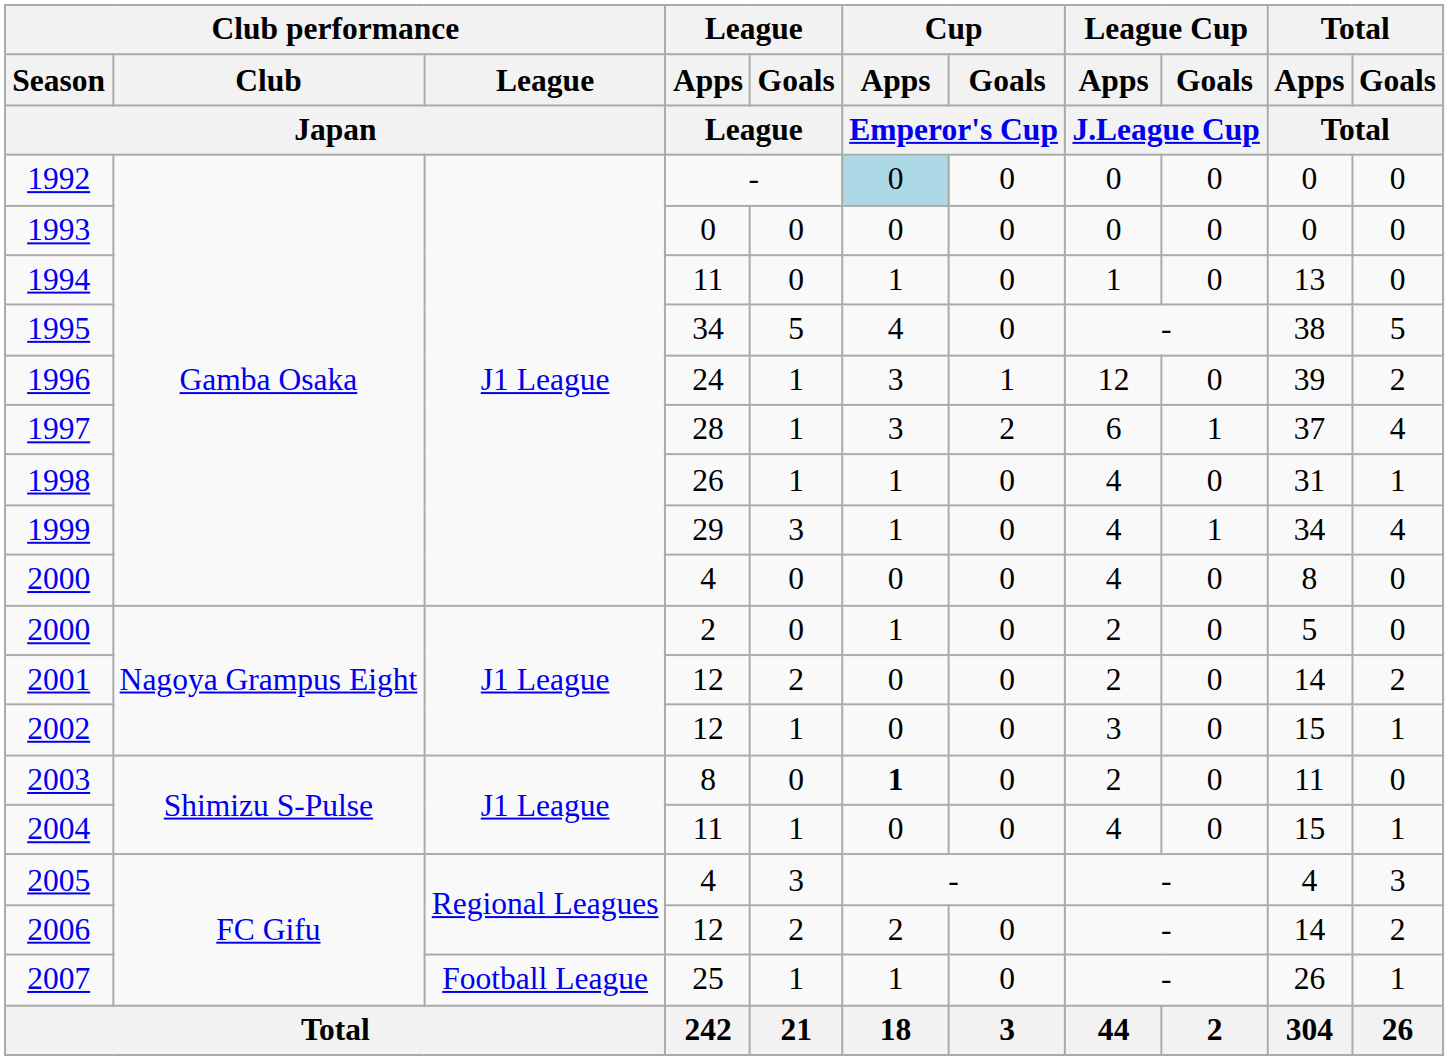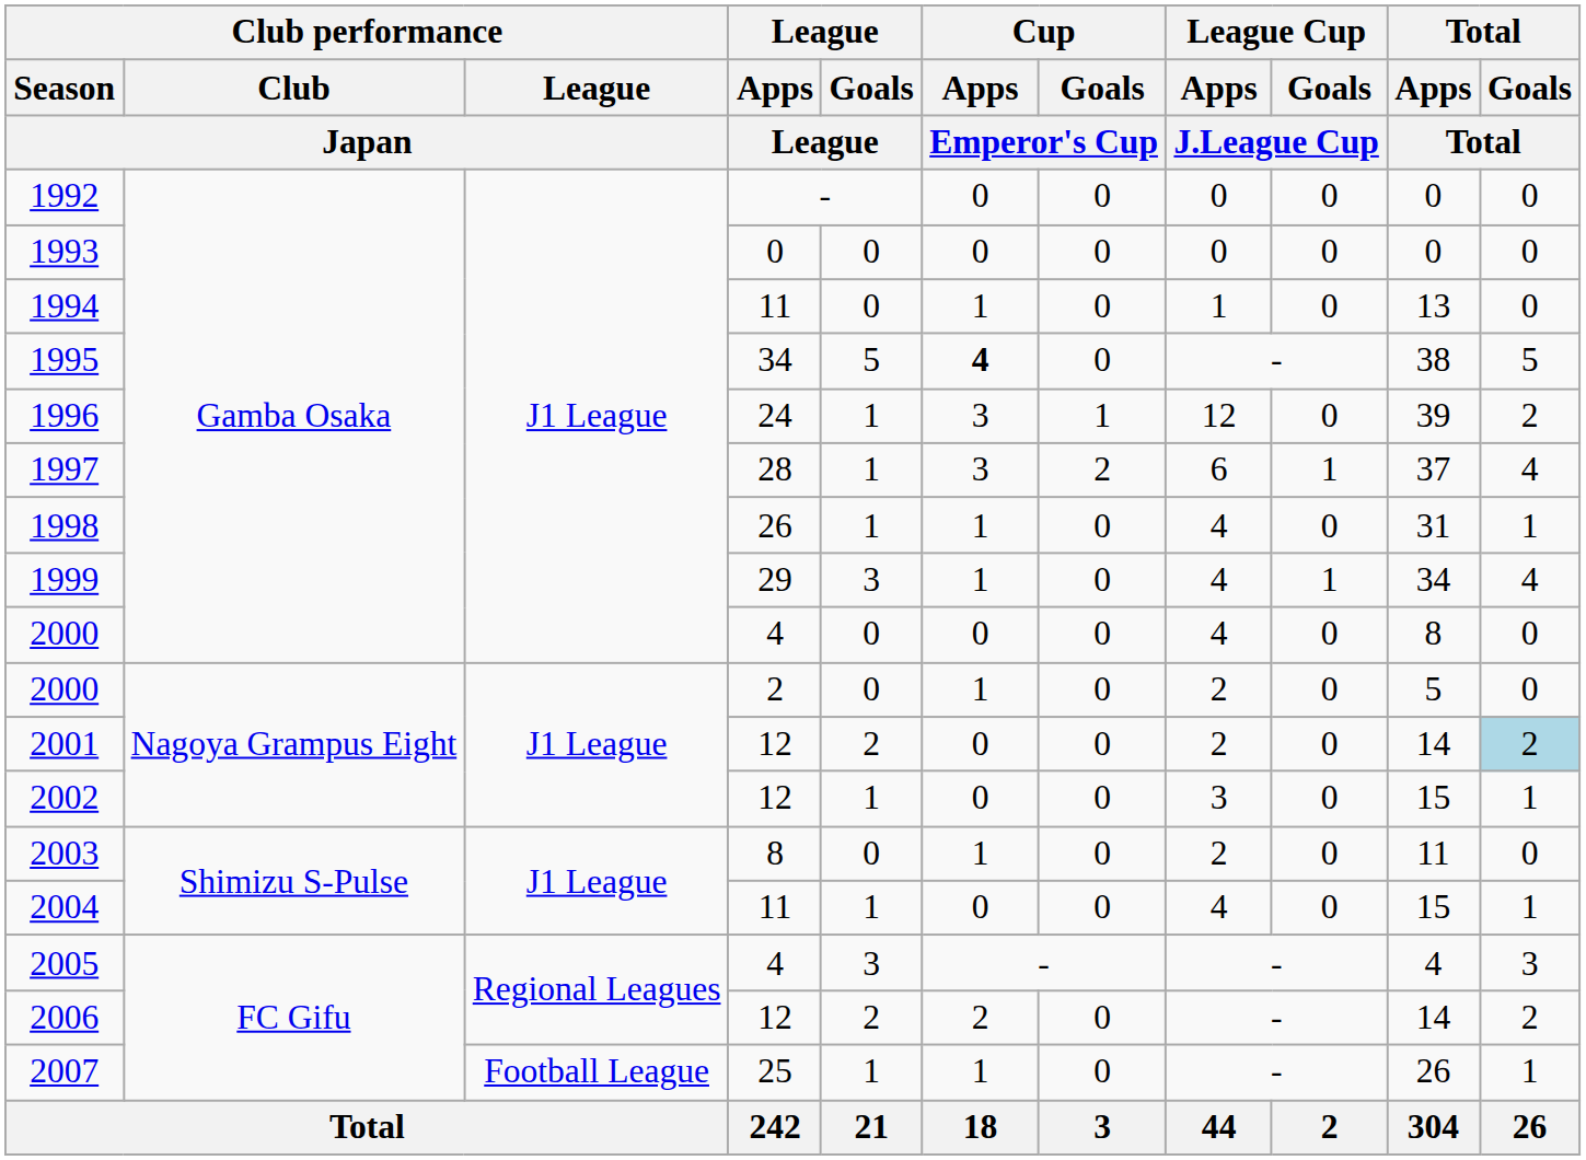 <table class="wikitable" style="text-align:center;">
 <tr>
 <th colspan=3>Club performance</th>
 <th colspan=2>League</th>
 <th colspan=2>Cup</th>
 <th colspan=2>League Cup</th>
 <th colspan=2>Total</th>
 </tr>
 <tr>
 <th>Season</th>
 <th>Club</th>
 <th>League</th>
 <th>Apps</th>
 <th>Goals</th>
 <th>Apps</th>
 <th>Goals</th>
 <th>Apps</th>
 <th>Goals</th>
 <th>Apps</th>
 <th>Goals</th>
 </tr>
 <tr>
 <th colspan=3>Japan</th>
 <th colspan=2>League</th>
 <th colspan=2><a href='#'>Emperor's Cup</a></th>
 <th colspan=2><a href='#'>J.League Cup</a></th>
 <th colspan=2>Total</th>
 </tr>
 <tr>
 <td><a href='#'>1992</a></td>
 <td rowspan="9"><a href='#'>Gamba Osaka</a></td>
 <td rowspan="9"><a href='#'>J1 League</a></td>
 <td colspan="2">-</td>
-<td style="background: lightblue;">0</td>
+<td>0</td>
 <td>0</td>
 <td>0</td>
 <td>0</td>
 <td>0</td>
 <td>0</td>
 </tr>
 <tr>
 <td><a href='#'>1993</a></td>
 <td>0</td>
 <td>0</td>
 <td>0</td>
 <td>0</td>
 <td>0</td>
 <td>0</td>
 <td>0</td>
 <td>0</td>
 </tr>
 <tr>
 <td><a href='#'>1994</a></td>
 <td>11</td>
 <td>0</td>
 <td>1</td>
 <td>0</td>
 <td>1</td>
 <td>0</td>
 <td>13</td>
 <td>0</td>
 </tr>
 <tr>
 <td><a href='#'>1995</a></td>
 <td>34</td>
 <td>5</td>
-<td>4</td>
+<td><strong>4</strong></td>
 <td>0</td>
 <td colspan="2">-</td>
 <td>38</td>
 <td>5</td>
 </tr>
 <tr>
 <td><a href='#'>1996</a></td>
 <td>24</td>
 <td>1</td>
 <td>3</td>
 <td>1</td>
 <td>12</td>
 <td>0</td>
 <td>39</td>
 <td>2</td>
 </tr>
 <tr>
 <td><a href='#'>1997</a></td>
 <td>28</td>
 <td>1</td>
 <td>3</td>
 <td>2</td>
 <td>6</td>
 <td>1</td>
 <td>37</td>
 <td>4</td>
 </tr>
 <tr>
 <td><a href='#'>1998</a></td>
 <td>26</td>
 <td>1</td>
 <td>1</td>
 <td>0</td>
 <td>4</td>
 <td>0</td>
 <td>31</td>
 <td>1</td>
 </tr>
 <tr>
 <td><a href='#'>1999</a></td>
 <td>29</td>
 <td>3</td>
 <td>1</td>
 <td>0</td>
 <td>4</td>
 <td>1</td>
 <td>34</td>
 <td>4</td>
 </tr>
 <tr>
 <td><a href='#'>2000</a></td>
 <td>4</td>
 <td>0</td>
 <td>0</td>
 <td>0</td>
 <td>4</td>
 <td>0</td>
 <td>8</td>
 <td>0</td>
 </tr>
 <tr>
 <td><a href='#'>2000</a></td>
 <td rowspan="3"><a href='#'>Nagoya Grampus Eight</a></td>
 <td rowspan="3"><a href='#'>J1 League</a></td>
 <td>2</td>
 <td>0</td>
 <td>1</td>
 <td>0</td>
 <td>2</td>
 <td>0</td>
 <td>5</td>
 <td>0</td>
 </tr>
 <tr>
 <td><a href='#'>2001</a></td>
 <td>12</td>
 <td>2</td>
 <td>0</td>
 <td>0</td>
 <td>2</td>
 <td>0</td>
 <td>14</td>
-<td>2</td>
+<td style="background: lightblue;">2</td>
 </tr>
 <tr>
 <td><a href='#'>2002</a></td>
 <td>12</td>
 <td>1</td>
 <td>0</td>
 <td>0</td>
 <td>3</td>
 <td>0</td>
 <td>15</td>
 <td>1</td>
 </tr>
 <tr>
 <td><a href='#'>2003</a></td>
 <td rowspan="2"><a href='#'>Shimizu S-Pulse</a></td>
 <td rowspan="2"><a href='#'>J1 League</a></td>
 <td>8</td>
 <td>0</td>
-<td><strong>1</strong></td>
+<td>1</td>
 <td>0</td>
 <td>2</td>
 <td>0</td>
 <td>11</td>
 <td>0</td>
 </tr>
 <tr>
 <td><a href='#'>2004</a></td>
 <td>11</td>
 <td>1</td>
 <td>0</td>
 <td>0</td>
 <td>4</td>
 <td>0</td>
 <td>15</td>
 <td>1</td>
 </tr>
 <tr>
 <td><a href='#'>2005</a></td>
 <td rowspan="3"><a href='#'>FC Gifu</a></td>
 <td rowspan="2"><a href='#'>Regional Leagues</a></td>
 <td>4</td>
 <td>3</td>
 <td colspan="2">-</td>
 <td colspan="2">-</td>
 <td>4</td>
 <td>3</td>
 </tr>
 <tr>
 <td><a href='#'>2006</a></td>
 <td>12</td>
 <td>2</td>
 <td>2</td>
 <td>0</td>
 <td colspan="2">-</td>
 <td>14</td>
 <td>2</td>
 </tr>
 <tr>
 <td><a href='#'>2007</a></td>
 <td><a href='#'>Football League</a></td>
 <td>25</td>
 <td>1</td>
 <td>1</td>
 <td>0</td>
 <td colspan="2">-</td>
 <td>26</td>
 <td>1</td>
 </tr>
 <tr>
 <th colspan=3>Total</th>
 <th>242</th>
 <th>21</th>
 <th>18</th>
 <th>3</th>
 <th>44</th>
 <th>2</th>
 <th>304</th>
 <th>26</th>
 </tr>
 </table>
